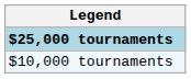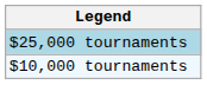 <table class="wikitable" style="font-size:85%; width:11%;">
 <tr>
 <th>Legend</th>
 </tr>
 <tr style="background:lightblue;">
-<td><strong>$25,000 tournaments</strong></td>
+<td>$25,000 tournaments</td>
 </tr>
 <tr style="background:#f0f8ff;">
 <td>$10,000 tournaments</td>
 </tr>
 </table>
